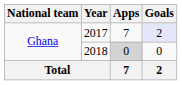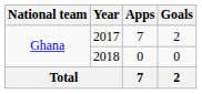 <table class="wikitable" style="text-align:center">
 <tr>
 <th>National team</th>
 <th>Year</th>
 <th>Apps</th>
 <th>Goals</th>
 </tr>
 <tr>
 <td rowspan="2"><a href='#'>Ghana</a></td>
 <td>2017</td>
 <td>7</td>
-<td style="background: lavender;">2</td>
+<td>2</td>
 </tr>
 <tr>
 <td>2018</td>
-<td style="background: lightgrey;">0</td>
+<td>0</td>
 <td>0</td>
 </tr>
 <tr>
 <th colspan=2>Total</th>
 <th>7</th>
 <th>2</th>
 </tr>
 </table>
